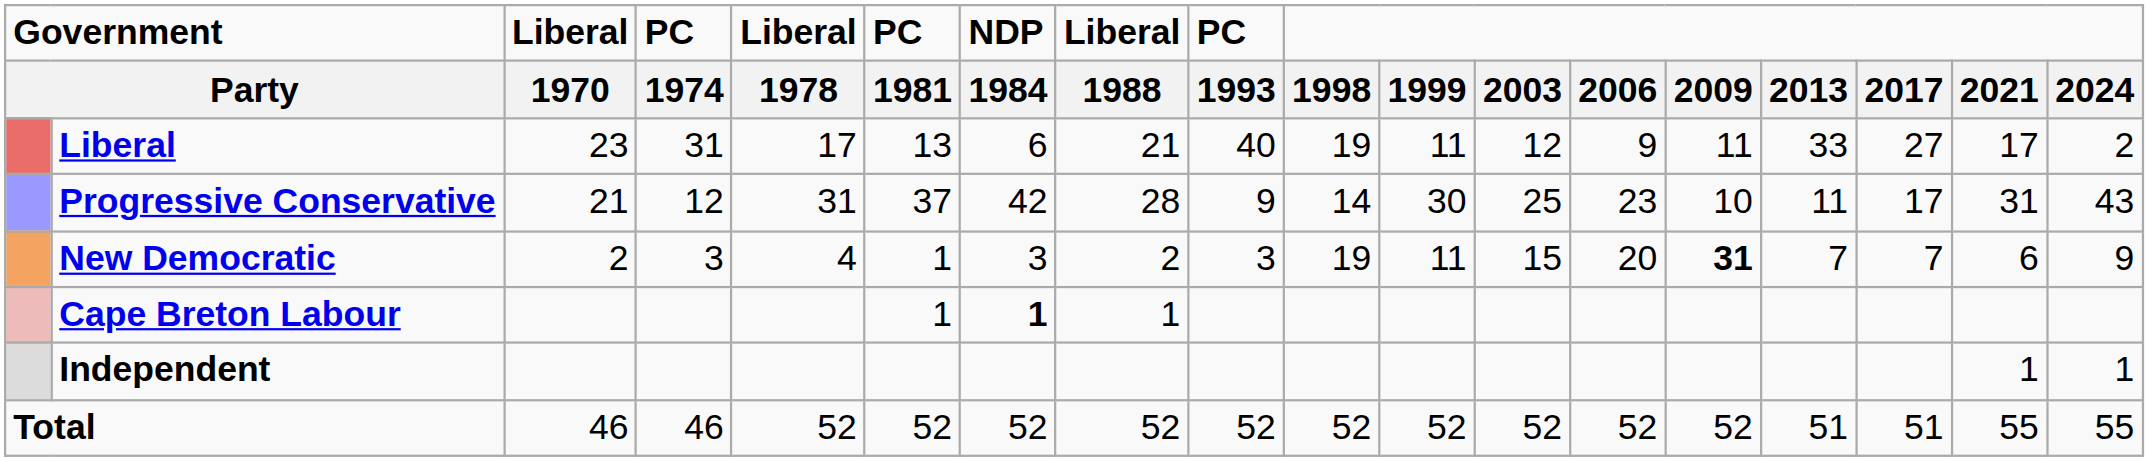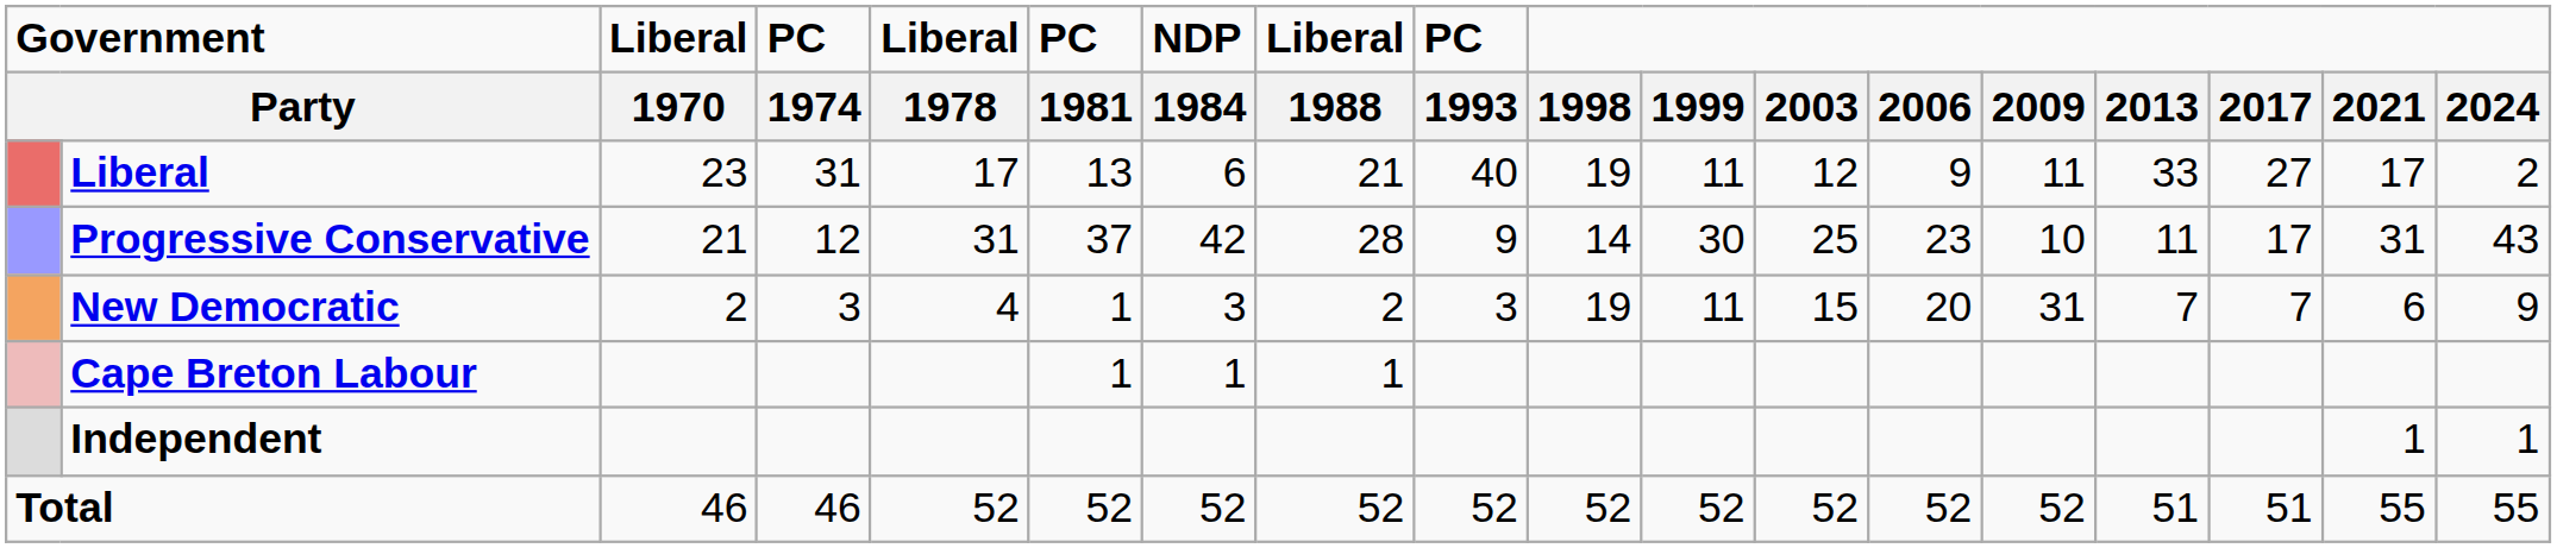 <table class="wikitable">
 <tr>
 <td colspan="2"><strong>Government</strong></td>
 <td><strong>Liberal</strong></td>
 <td><strong>PC</strong></td>
 <td><strong>Liberal</strong></td>
 <td><strong>PC</strong></td>
 <td><strong>NDP</strong></td>
 <td><strong>Liberal</strong></td>
 <td><strong>PC</strong></td>
 </tr>
 <tr>
 <th colspan="2">Party</th>
 <th>1970</th>
 <th>1974</th>
 <th>1978</th>
 <th>1981</th>
 <th>1984</th>
 <th>1988</th>
 <th>1993</th>
 <th>1998</th>
 <th>1999</th>
 <th>2003</th>
 <th>2006</th>
 <th>2009</th>
 <th>2013</th>
 <th>2017</th>
 <th>2021</th>
 <th>2024</th>
 </tr>
 <tr align="right">
 <td bgcolor="#EA6D6A">   </td>
 <td align="left"><strong><a href='#'>Liberal</a></strong></td>
 <td>23</td>
 <td>31</td>
 <td>17</td>
 <td>13</td>
 <td>6</td>
 <td>21</td>
 <td>40</td>
 <td>19</td>
 <td>11</td>
 <td>12</td>
 <td>9</td>
 <td>11</td>
 <td>33</td>
 <td>27</td>
 <td>17</td>
 <td>2</td>
 </tr>
 <tr align="right">
 <td bgcolor="#9999FF">   </td>
 <td align="left"><strong><a href='#'>Progressive Conservative</a></strong></td>
 <td>21</td>
 <td>12</td>
 <td>31</td>
 <td>37</td>
 <td>42</td>
 <td>28</td>
 <td>9</td>
 <td>14</td>
 <td>30</td>
 <td>25</td>
 <td>23</td>
 <td>10</td>
 <td>11</td>
 <td>17</td>
 <td>31</td>
 <td>43</td>
 </tr>
 <tr align="right">
 <td bgcolor="sandybrown">   </td>
 <td align="left"><strong><a href='#'>New Democratic</a></strong></td>
 <td>2</td>
 <td>3</td>
 <td>4</td>
 <td>1</td>
 <td>3</td>
 <td>2</td>
 <td>3</td>
 <td>19</td>
 <td>11</td>
 <td>15</td>
 <td>20</td>
-<td><strong>31</strong></td>
+<td>31</td>
 <td>7</td>
 <td>7</td>
 <td>6</td>
 <td>9</td>
 </tr>
 <tr align="right">
 <td bgcolor="#EEBBBB">   </td>
 <td align="left"><strong><a href='#'>Cape Breton Labour</a></strong></td>
 <td></td>
 <td></td>
 <td></td>
 <td>1</td>
-<td><strong>1</strong></td>
+<td>1</td>
 <td>1</td>
 <td></td>
 <td></td>
 <td></td>
 <td></td>
 <td></td>
 <td></td>
 <td></td>
 <td></td>
 <td></td>
 </tr>
 <tr align="right">
 <td bgcolor="#DCDCDC">   </td>
 <td align="left"><strong>Independent</strong></td>
 <td></td>
 <td></td>
 <td></td>
 <td></td>
 <td></td>
 <td></td>
 <td></td>
 <td></td>
 <td></td>
 <td></td>
 <td></td>
 <td></td>
 <td></td>
 <td></td>
 <td>1</td>
 <td>1</td>
 </tr>
 <tr align="right">
 <td colspan="2" align="left"><strong>Total</strong></td>
 <td>46</td>
 <td>46</td>
 <td>52</td>
 <td>52</td>
 <td>52</td>
 <td>52</td>
 <td>52</td>
 <td>52</td>
 <td>52</td>
 <td>52</td>
 <td>52</td>
 <td>52</td>
 <td>51</td>
 <td>51</td>
 <td>55</td>
 <td>55</td>
 </tr>
 </table>
